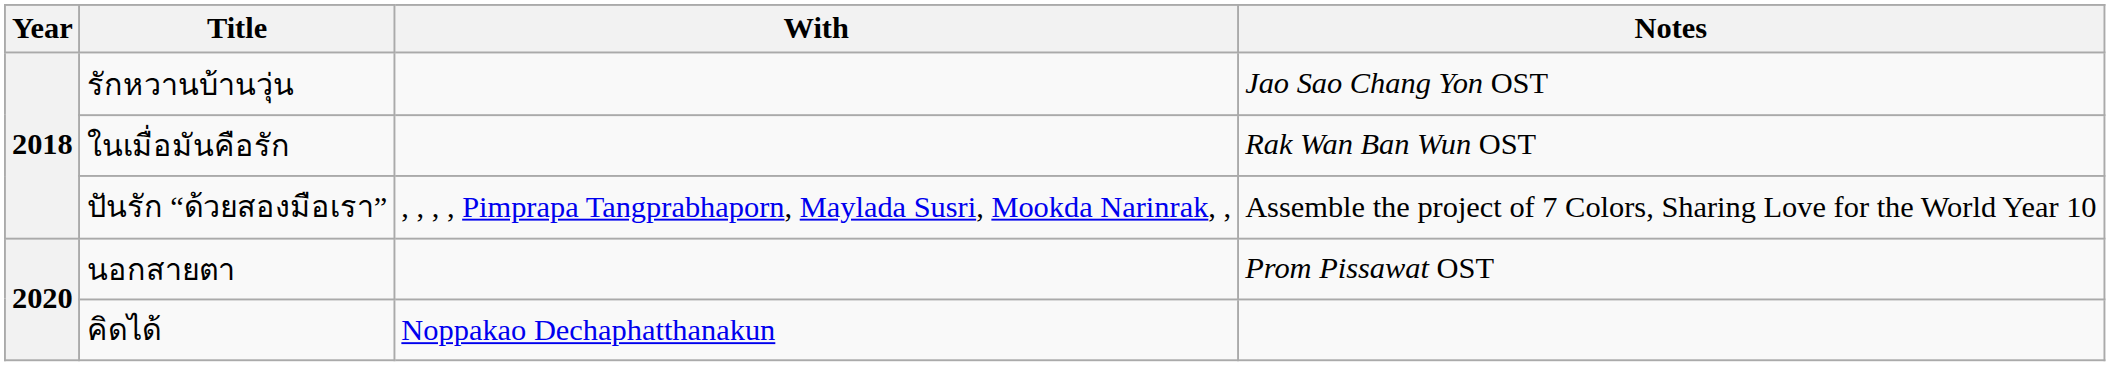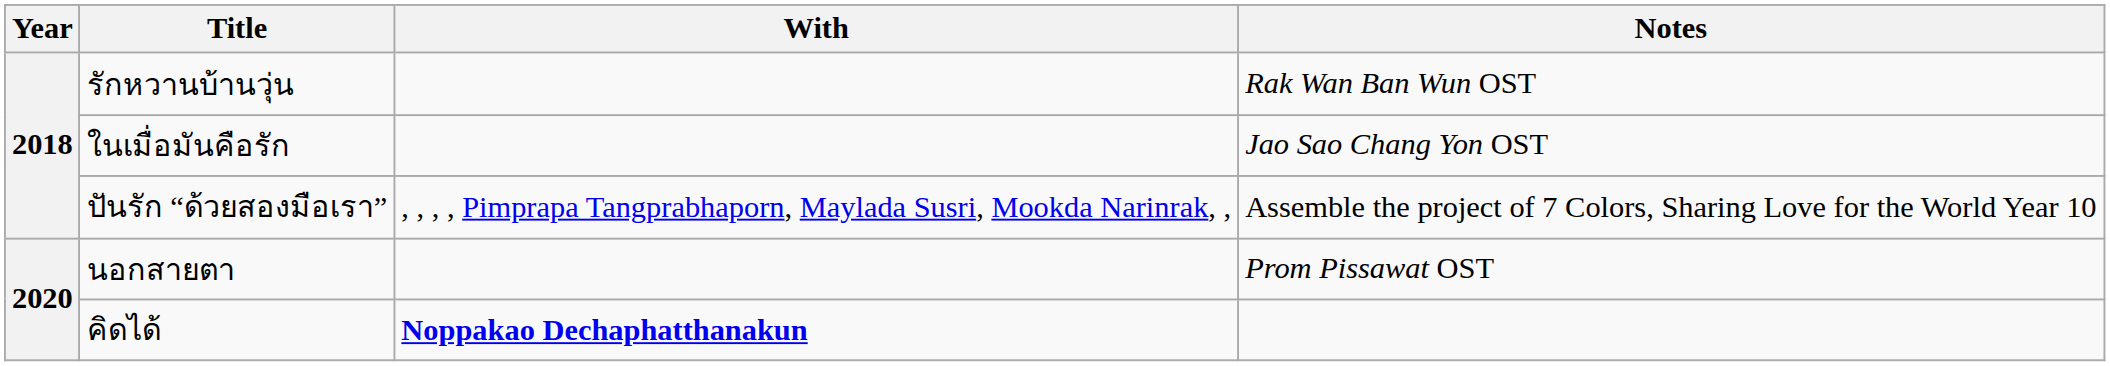 <table class="wikitable sortable plainrowheaders">
 <tr>
 <th scope="col">Year</th>
 <th scope="col">Title</th>
 <th scope="col">With</th>
 <th scope="col" class="unsortable">Notes</th>
 </tr>
 <tr>
 <th scope="row" rowspan="3">2018</th>
 <td>รักหวานบ้านวุ่น</td>
 <td></td>
-<td><em>Jao Sao Chang Yon</em> OST</td>
+<td><em>Rak Wan Ban Wun</em> OST</td>
 </tr>
 <tr>
 <td>ในเมื่อมันคือรัก</td>
 <td></td>
-<td><em>Rak Wan Ban Wun</em> OST</td>
+<td><em>Jao Sao Chang Yon</em> OST</td>
 </tr>
 <tr>
 <td>ปันรัก “ด้วยสองมือเรา”</td>
 <td>, , , , <a href='#'>Pimprapa Tangprabhaporn</a>, <a href='#'>Maylada Susri</a>, <a href='#'>Mookda Narinrak</a>, , </td>
 <td>Assemble the project of 7 Colors, Sharing Love for the World Year 10</td>
 </tr>
 <tr>
 <th scope="row" rowspan="2">2020</th>
 <td>นอกสายตา</td>
 <td></td>
 <td><em>Prom Pissawat</em> OST</td>
 </tr>
 <tr>
 <td>คิดได้</td>
-<td><a href='#'>Noppakao Dechaphatthanakun</a></td>
+<td><strong><a href='#'>Noppakao Dechaphatthanakun</a></strong></td>
 <td></td>
 </tr>
 </table>
